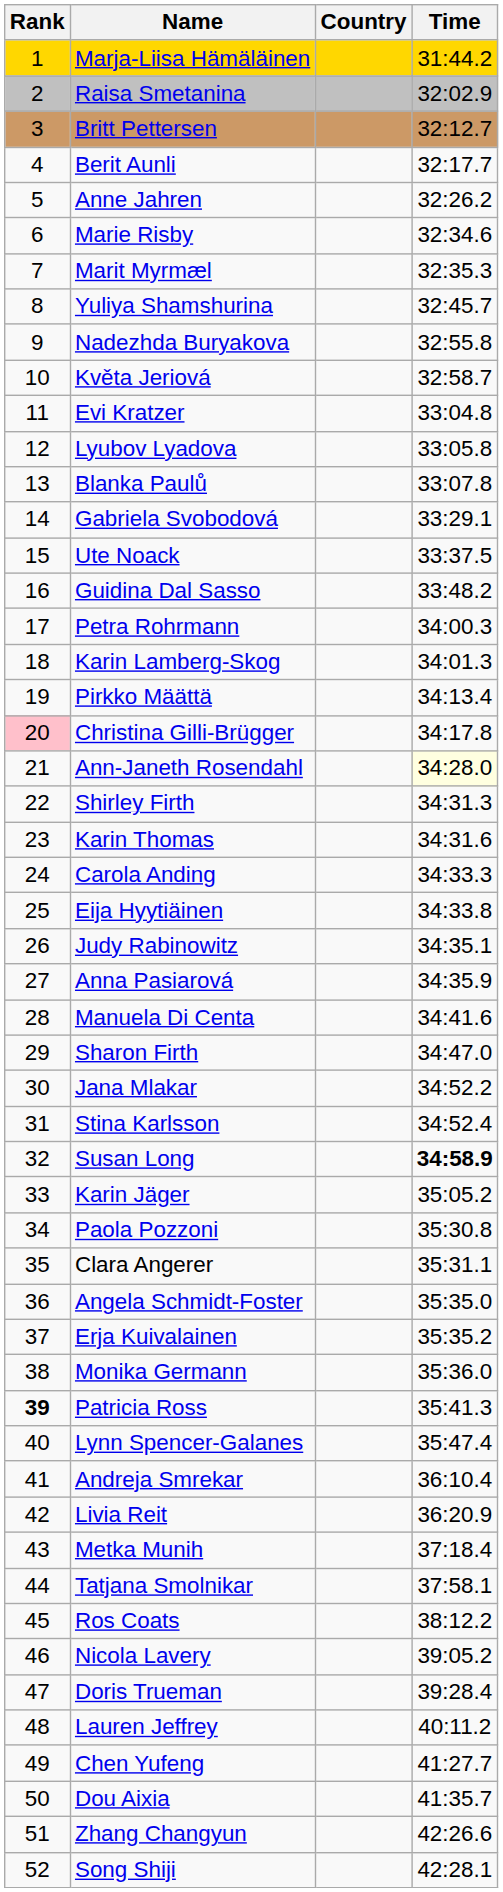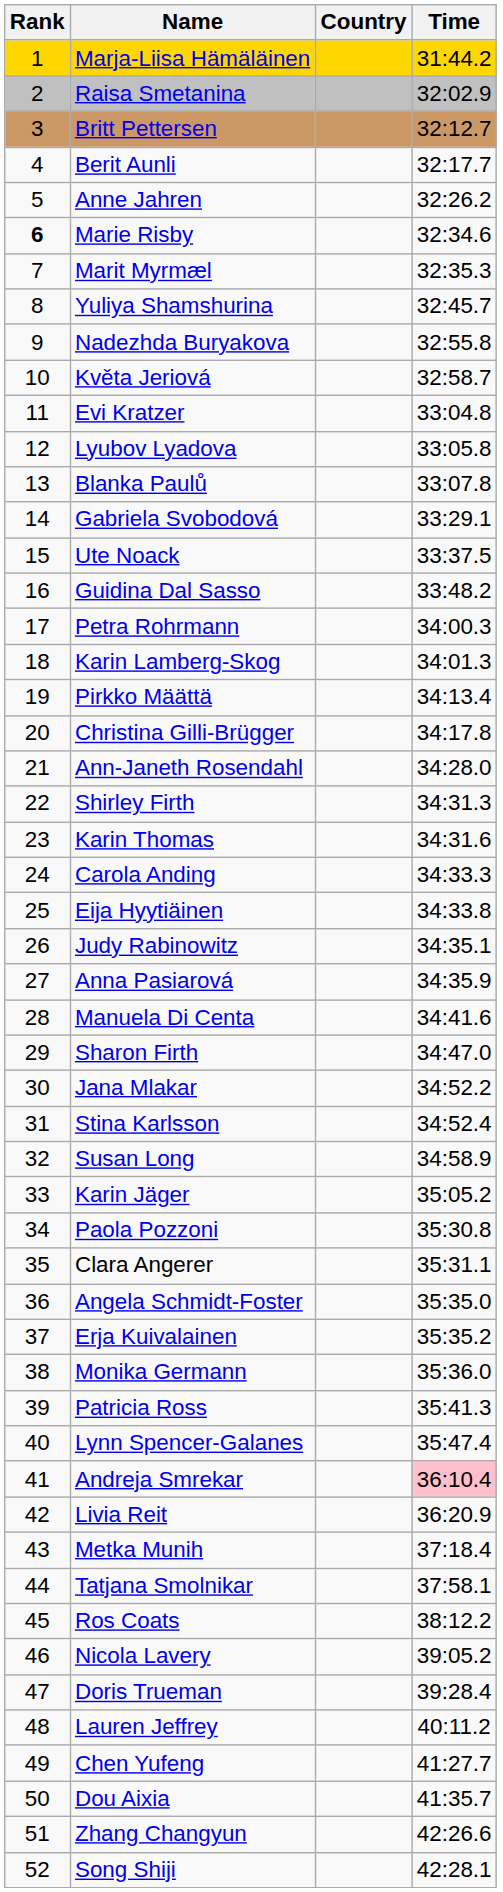 <table class="wikitable sortable" style="text-align:center">
 <tr>
 <th>Rank</th>
 <th>Name</th>
 <th>Country</th>
 <th>Time</th>
 </tr>
 <tr bgcolor=gold>
 <td>1</td>
 <td align="left"><a href='#'>Marja-Liisa Hämäläinen</a></td>
 <td align="left"></td>
 <td>31:44.2</td>
 </tr>
 <tr bgcolor=silver>
 <td>2</td>
 <td align="left"><a href='#'>Raisa Smetanina</a></td>
 <td align="left"></td>
 <td>32:02.9</td>
 </tr>
 <tr bgcolor=#CC9966>
 <td>3</td>
 <td align="left"><a href='#'>Britt Pettersen</a></td>
 <td align="left"></td>
 <td>32:12.7</td>
 </tr>
 <tr>
 <td>4</td>
 <td align="left"><a href='#'>Berit Aunli</a></td>
 <td align="left"></td>
 <td>32:17.7</td>
 </tr>
 <tr>
 <td>5</td>
 <td align="left"><a href='#'>Anne Jahren</a></td>
 <td align="left"></td>
 <td>32:26.2</td>
 </tr>
 <tr>
-<td>6</td>
+<td><strong>6</strong></td>
 <td align="left"><a href='#'>Marie Risby</a></td>
 <td align="left"></td>
 <td>32:34.6</td>
 </tr>
 <tr>
 <td>7</td>
 <td align="left"><a href='#'>Marit Myrmæl</a></td>
 <td align="left"></td>
 <td>32:35.3</td>
 </tr>
 <tr>
 <td>8</td>
 <td align="left"><a href='#'>Yuliya Shamshurina</a></td>
 <td align="left"></td>
 <td>32:45.7</td>
 </tr>
 <tr>
 <td>9</td>
 <td align="left"><a href='#'>Nadezhda Buryakova</a></td>
 <td align="left"></td>
 <td>32:55.8</td>
 </tr>
 <tr>
 <td>10</td>
 <td align="left"><a href='#'>Květa Jeriová</a></td>
 <td align="left"></td>
 <td>32:58.7</td>
 </tr>
 <tr>
 <td>11</td>
 <td align="left"><a href='#'>Evi Kratzer</a></td>
 <td align="left"></td>
 <td>33:04.8</td>
 </tr>
 <tr>
 <td>12</td>
 <td align="left"><a href='#'>Lyubov Lyadova</a></td>
 <td align="left"></td>
 <td>33:05.8</td>
 </tr>
 <tr>
 <td>13</td>
 <td align="left"><a href='#'>Blanka Paulů</a></td>
 <td align="left"></td>
 <td>33:07.8</td>
 </tr>
 <tr>
 <td>14</td>
 <td align="left"><a href='#'>Gabriela Svobodová</a></td>
 <td align="left"></td>
 <td>33:29.1</td>
 </tr>
 <tr>
 <td>15</td>
 <td align="left"><a href='#'>Ute Noack</a></td>
 <td align="left"></td>
 <td>33:37.5</td>
 </tr>
 <tr>
 <td>16</td>
 <td align="left"><a href='#'>Guidina Dal Sasso</a></td>
 <td align="left"></td>
 <td>33:48.2</td>
 </tr>
 <tr>
 <td>17</td>
 <td align="left"><a href='#'>Petra Rohrmann</a></td>
 <td align="left"></td>
 <td>34:00.3</td>
 </tr>
 <tr>
 <td>18</td>
 <td align="left"><a href='#'>Karin Lamberg-Skog</a></td>
 <td align="left"></td>
 <td>34:01.3</td>
 </tr>
 <tr>
 <td>19</td>
 <td align="left"><a href='#'>Pirkko Määttä</a></td>
 <td align="left"></td>
 <td>34:13.4</td>
 </tr>
 <tr>
-<td style="background: pink;">20</td>
+<td>20</td>
 <td align="left"><a href='#'>Christina Gilli-Brügger</a></td>
 <td align="left"></td>
 <td>34:17.8</td>
 </tr>
 <tr>
 <td>21</td>
 <td align="left"><a href='#'>Ann-Janeth Rosendahl</a></td>
 <td align="left"></td>
-<td style="background: lightyellow;">34:28.0</td>
+<td>34:28.0</td>
 </tr>
 <tr>
 <td>22</td>
 <td align="left"><a href='#'>Shirley Firth</a></td>
 <td align="left"></td>
 <td>34:31.3</td>
 </tr>
 <tr>
 <td>23</td>
 <td align="left"><a href='#'>Karin Thomas</a></td>
 <td align="left"></td>
 <td>34:31.6</td>
 </tr>
 <tr>
 <td>24</td>
 <td align="left"><a href='#'>Carola Anding</a></td>
 <td align="left"></td>
 <td>34:33.3</td>
 </tr>
 <tr>
 <td>25</td>
 <td align="left"><a href='#'>Eija Hyytiäinen</a></td>
 <td align="left"></td>
 <td>34:33.8</td>
 </tr>
 <tr>
 <td>26</td>
 <td align="left"><a href='#'>Judy Rabinowitz</a></td>
 <td align="left"></td>
 <td>34:35.1</td>
 </tr>
 <tr>
 <td>27</td>
 <td align="left"><a href='#'>Anna Pasiarová</a></td>
 <td align="left"></td>
 <td>34:35.9</td>
 </tr>
 <tr>
 <td>28</td>
 <td align="left"><a href='#'>Manuela Di Centa</a></td>
 <td align="left"></td>
 <td>34:41.6</td>
 </tr>
 <tr>
 <td>29</td>
 <td align="left"><a href='#'>Sharon Firth</a></td>
 <td align="left"></td>
 <td>34:47.0</td>
 </tr>
 <tr>
 <td>30</td>
 <td align="left"><a href='#'>Jana Mlakar</a></td>
 <td align="left"></td>
 <td>34:52.2</td>
 </tr>
 <tr>
 <td>31</td>
 <td align="left"><a href='#'>Stina Karlsson</a></td>
 <td align="left"></td>
 <td>34:52.4</td>
 </tr>
 <tr>
 <td>32</td>
 <td align="left"><a href='#'>Susan Long</a></td>
 <td align="left"></td>
-<td><strong>34:58.9</strong></td>
+<td>34:58.9</td>
 </tr>
 <tr>
 <td>33</td>
 <td align="left"><a href='#'>Karin Jäger</a></td>
 <td align="left"></td>
 <td>35:05.2</td>
 </tr>
 <tr>
 <td>34</td>
 <td align="left"><a href='#'>Paola Pozzoni</a></td>
 <td align="left"></td>
 <td>35:30.8</td>
 </tr>
 <tr>
 <td>35</td>
 <td align="left">Clara Angerer</td>
 <td align="left"></td>
 <td>35:31.1</td>
 </tr>
 <tr>
 <td>36</td>
 <td align="left"><a href='#'>Angela Schmidt-Foster</a></td>
 <td align="left"></td>
 <td>35:35.0</td>
 </tr>
 <tr>
 <td>37</td>
 <td align="left"><a href='#'>Erja Kuivalainen</a></td>
 <td align="left"></td>
 <td>35:35.2</td>
 </tr>
 <tr>
 <td>38</td>
 <td align="left"><a href='#'>Monika Germann</a></td>
 <td align="left"></td>
 <td>35:36.0</td>
 </tr>
 <tr>
-<td><strong>39</strong></td>
+<td>39</td>
 <td align="left"><a href='#'>Patricia Ross</a></td>
 <td align="left"></td>
 <td>35:41.3</td>
 </tr>
 <tr>
 <td>40</td>
 <td align="left"><a href='#'>Lynn Spencer-Galanes</a></td>
 <td align="left"></td>
 <td>35:47.4</td>
 </tr>
 <tr>
 <td>41</td>
 <td align="left"><a href='#'>Andreja Smrekar</a></td>
 <td align="left"></td>
-<td>36:10.4</td>
+<td style="background: pink;">36:10.4</td>
 </tr>
 <tr>
 <td>42</td>
 <td align="left"><a href='#'>Livia Reit</a></td>
 <td align="left"></td>
 <td>36:20.9</td>
 </tr>
 <tr>
 <td>43</td>
 <td align="left"><a href='#'>Metka Munih</a></td>
 <td align="left"></td>
 <td>37:18.4</td>
 </tr>
 <tr>
 <td>44</td>
 <td align="left"><a href='#'>Tatjana Smolnikar</a></td>
 <td align="left"></td>
 <td>37:58.1</td>
 </tr>
 <tr>
 <td>45</td>
 <td align="left"><a href='#'>Ros Coats</a></td>
 <td align="left"></td>
 <td>38:12.2</td>
 </tr>
 <tr>
 <td>46</td>
 <td align="left"><a href='#'>Nicola Lavery</a></td>
 <td align="left"></td>
 <td>39:05.2</td>
 </tr>
 <tr>
 <td>47</td>
 <td align="left"><a href='#'>Doris Trueman</a></td>
 <td align="left"></td>
 <td>39:28.4</td>
 </tr>
 <tr>
 <td>48</td>
 <td align="left"><a href='#'>Lauren Jeffrey</a></td>
 <td align="left"></td>
 <td>40:11.2</td>
 </tr>
 <tr>
 <td>49</td>
 <td align="left"><a href='#'>Chen Yufeng</a></td>
 <td align="left"></td>
 <td>41:27.7</td>
 </tr>
 <tr>
 <td>50</td>
 <td align="left"><a href='#'>Dou Aixia</a></td>
 <td align="left"></td>
 <td>41:35.7</td>
 </tr>
 <tr>
 <td>51</td>
 <td align="left"><a href='#'>Zhang Changyun</a></td>
 <td align="left"></td>
 <td>42:26.6</td>
 </tr>
 <tr>
 <td>52</td>
 <td align="left"><a href='#'>Song Shiji</a></td>
 <td align="left"></td>
 <td>42:28.1</td>
 </tr>
 </table>
